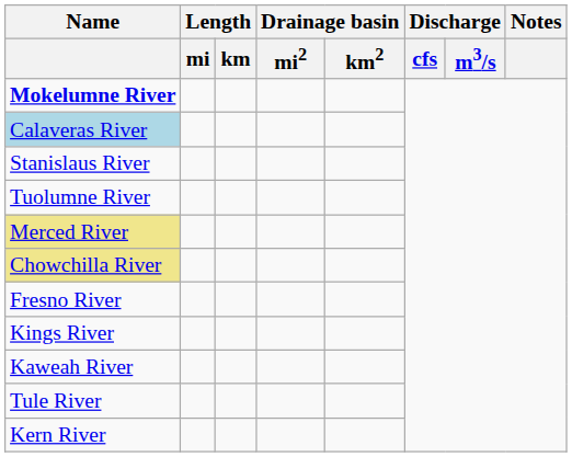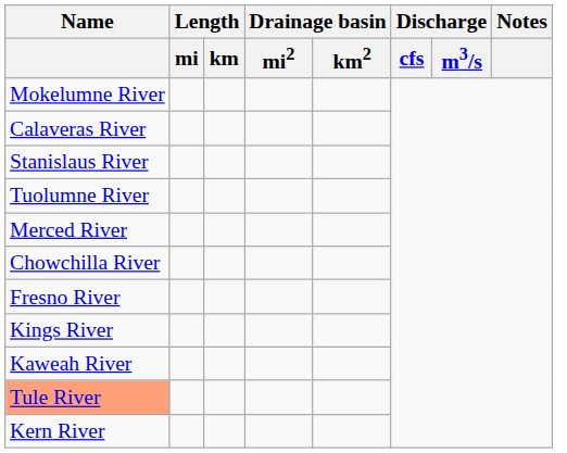 <table class="wikitable sortable">
 <tr>
 <th>Name</th>
 <th colspan=2>Length</th>
 <th colspan=2>Drainage basin</th>
 <th colspan=2>Discharge</th>
 <th>Notes</th>
 </tr>
 <tr>
 <th></th>
 <th><strong>mi</strong></th>
 <th><strong>km</strong></th>
 <th><strong>mi<sup>2</sup></strong></th>
 <th><strong>km<sup>2</sup></strong></th>
 <th><strong><a href='#'>cfs</a></strong></th>
 <th><strong><a href='#'>m<sup>3</sup>/s</a></strong></th>
 <th></th>
 </tr>
 <tr>
-<td><strong><a href='#'>Mokelumne River</a></strong></td>
+<td><a href='#'>Mokelumne River</a></td>
 <td></td>
 <td></td>
 <td></td>
 <td></td>
 </tr>
 <tr>
-<td style="background: lightblue;"><a href='#'>Calaveras River</a></td>
+<td><a href='#'>Calaveras River</a></td>
 <td></td>
 <td></td>
 <td></td>
 <td></td>
 </tr>
 <tr>
 <td><a href='#'>Stanislaus River</a></td>
 <td></td>
 <td></td>
 <td></td>
 <td></td>
 </tr>
 <tr>
 <td><a href='#'>Tuolumne River</a></td>
 <td></td>
 <td></td>
 <td></td>
 <td></td>
 </tr>
 <tr>
-<td style="background: khaki;"><a href='#'>Merced River</a></td>
+<td><a href='#'>Merced River</a></td>
 <td></td>
 <td></td>
 <td></td>
 <td></td>
 </tr>
 <tr>
-<td style="background: khaki;"><a href='#'>Chowchilla River</a></td>
+<td><a href='#'>Chowchilla River</a></td>
 <td></td>
 <td></td>
 <td></td>
 <td></td>
 </tr>
 <tr>
 <td><a href='#'>Fresno River</a></td>
 <td></td>
 <td></td>
 <td></td>
 <td></td>
 </tr>
 <tr>
 <td><a href='#'>Kings River</a></td>
 <td></td>
 <td></td>
 <td></td>
 <td></td>
 </tr>
 <tr>
 <td><a href='#'>Kaweah River</a></td>
 <td></td>
 <td></td>
 <td></td>
 <td></td>
 </tr>
 <tr>
-<td><a href='#'>Tule River</a></td>
+<td style="background: lightsalmon;"><a href='#'>Tule River</a></td>
 <td></td>
 <td></td>
 <td></td>
 <td></td>
 </tr>
 <tr>
 <td><a href='#'>Kern River</a></td>
 <td></td>
 <td></td>
 <td></td>
 <td></td>
 </tr>
 </table>
